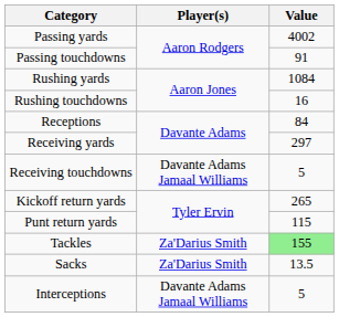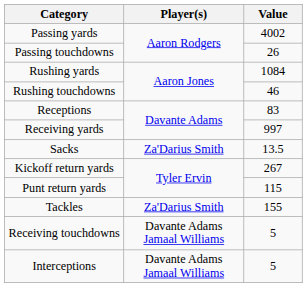 <table class="wikitable" style="text-align:center">
 <tr>
 <th width="150">Category</th>
 <th width="150">Player(s)</th>
 <th width="70">Value</th>
 </tr>
 <tr>
 <td>Passing yards</td>
 <td rowspan="2"><a href='#'>Aaron Rodgers</a></td>
 <td>4002</td>
 </tr>
 <tr>
 <td>Passing touchdowns</td>
-<td>91</td>
+<td>26</td>
 </tr>
 <tr>
 <td>Rushing yards</td>
 <td rowspan="2"><a href='#'>Aaron Jones</a></td>
 <td>1084</td>
 </tr>
 <tr>
 <td>Rushing touchdowns</td>
-<td>16</td>
+<td>46</td>
 </tr>
 <tr>
 <td>Receptions</td>
 <td rowspan=2><a href='#'>Davante Adams</a></td>
-<td>84</td>
+<td>83</td>
 </tr>
 <tr>
 <td>Receiving yards</td>
-<td>297</td>
+<td>997</td>
 </tr>
 <tr>
-<td>Receiving touchdowns</td>
-<td>Davante Adams<br><a href='#'>Jamaal Williams</a></td>
-<td>5</td>
+<td>Sacks</td>
+<td><a href='#'>Za'Darius Smith</a></td>
+<td>13.5</td>
 </tr>
 <tr>
 <td>Kickoff return yards</td>
 <td rowspan=2><a href='#'>Tyler Ervin</a></td>
-<td>265</td>
+<td>267</td>
 </tr>
 <tr>
 <td>Punt return yards</td>
 <td>115</td>
 </tr>
 <tr>
 <td>Tackles</td>
 <td><a href='#'>Za'Darius Smith</a></td>
-<td style="background: lightgreen;">155</td>
+<td>155</td>
 </tr>
 <tr>
-<td>Sacks</td>
-<td><a href='#'>Za'Darius Smith</a></td>
-<td>13.5</td>
+<td>Receiving touchdowns</td>
+<td>Davante Adams<br><a href='#'>Jamaal Williams</a></td>
+<td>5</td>
 </tr>
 <tr>
 <td>Interceptions</td>
 <td>Davante Adams<br><a href='#'>Jamaal Williams</a></td>
 <td>5</td>
 </tr>
 </table>
